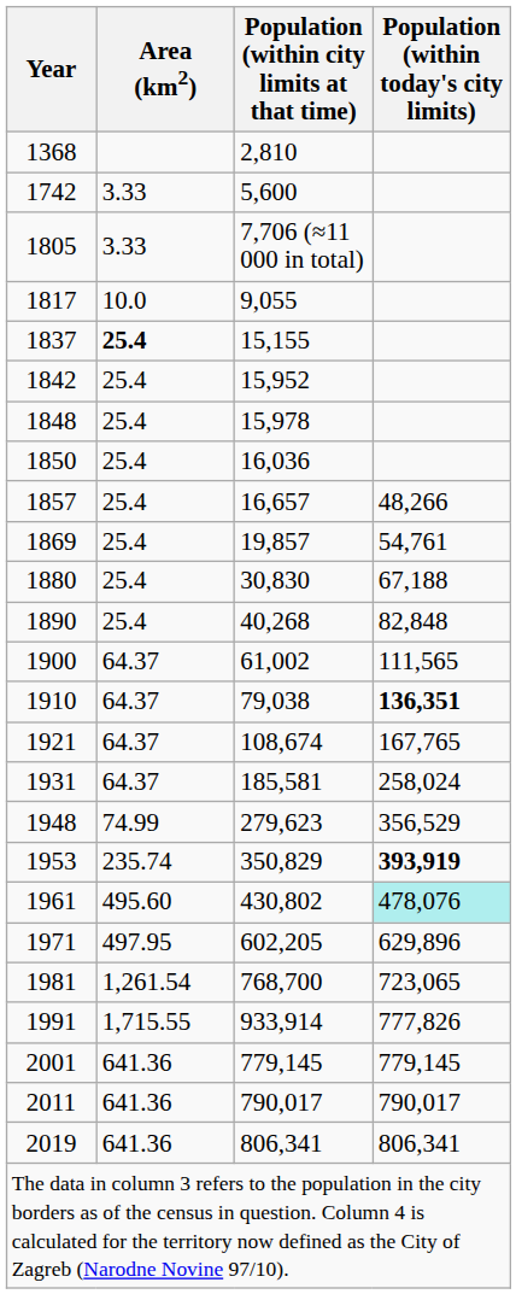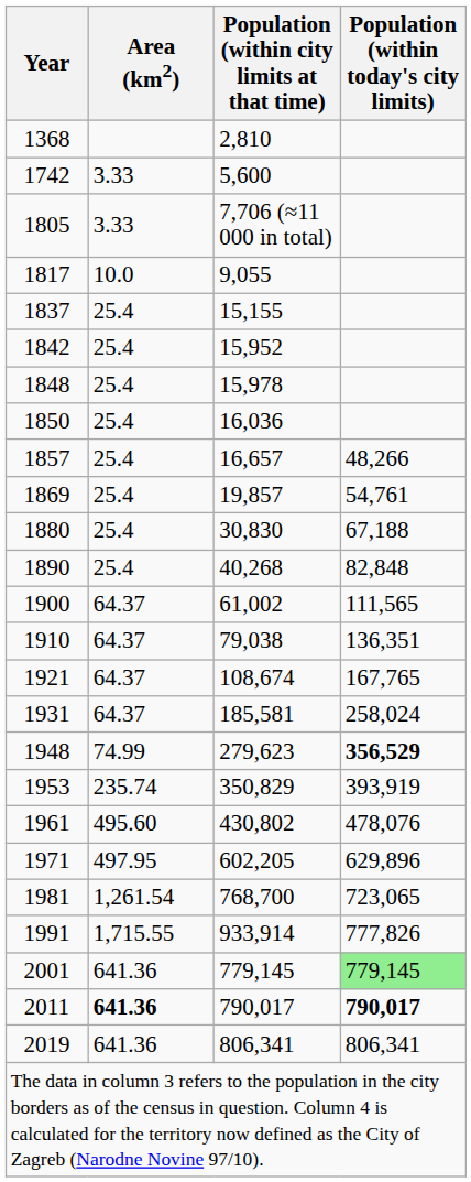 <table class="wikitable" style="float:right; margin:3px 0 3px 5px">
 <tr>
 <th style="width:50px;">Year</th>
 <th style="width:80px;">Area <br>(km<sup>2</sup>)</th>
 <th style="width:80px;">Population <br>(within city limits at that time)</th>
 <th style="width:80px;">Population <br>(within today's city limits)</th>
 </tr>
 <tr>
 <td style="text-align:center;">1368</td>
 <td style="text-align:left;"></td>
 <td style="text-align:left;">2,810</td>
 <td style="text-align:left;"></td>
 </tr>
 <tr>
 <td style="text-align:center;">1742</td>
 <td style="text-align:left;">3.33</td>
 <td style="text-align:left;">5,600</td>
 <td style="text-align:left;"></td>
 </tr>
 <tr>
 <td style="text-align:center;">1805</td>
 <td style="text-align:left;">3.33</td>
 <td style="text-align:left;">7,706 (≈11 000 in total)</td>
 <td style="text-align:left;"></td>
 </tr>
 <tr>
 <td style="text-align:center;">1817</td>
 <td style="text-align:left;">10.0</td>
 <td style="text-align:left;">9,055</td>
 <td style="text-align:left;"></td>
 </tr>
 <tr>
 <td style="text-align:center;">1837</td>
-<td style="text-align:left;"><strong>25.4</strong></td>
+<td style="text-align:left;">25.4</td>
 <td style="text-align:left;">15,155</td>
 <td style="text-align:left;"></td>
 </tr>
 <tr>
 <td style="text-align:center;">1842</td>
 <td style="text-align:left;">25.4</td>
 <td style="text-align:left;">15,952</td>
 <td style="text-align:left;"></td>
 </tr>
 <tr>
 <td style="text-align:center;">1848</td>
 <td style="text-align:left;">25.4</td>
 <td style="text-align:left;">15,978</td>
 <td style="text-align:left;"></td>
 </tr>
 <tr>
 <td style="text-align:center;">1850</td>
 <td style="text-align:left;">25.4</td>
 <td style="text-align:left;">16,036</td>
 <td style="text-align:left;"></td>
 </tr>
 <tr>
 <td style="text-align:center;">1857</td>
 <td style="text-align:left;">25.4</td>
 <td style="text-align:left;">16,657</td>
 <td style="text-align:left;">48,266</td>
 </tr>
 <tr>
 <td style="text-align:center;">1869</td>
 <td style="text-align:left;">25.4</td>
 <td style="text-align:left;">19,857</td>
 <td style="text-align:left;">54,761</td>
 </tr>
 <tr>
 <td style="text-align:center;">1880</td>
 <td style="text-align:left;">25.4</td>
 <td style="text-align:left;">30,830</td>
 <td style="text-align:left;">67,188</td>
 </tr>
 <tr>
 <td style="text-align:center;">1890</td>
 <td style="text-align:left;">25.4</td>
 <td style="text-align:left;">40,268</td>
 <td style="text-align:left;">82,848</td>
 </tr>
 <tr>
 <td style="text-align:center;">1900</td>
 <td style="text-align:left;">64.37</td>
 <td style="text-align:left;">61,002</td>
 <td style="text-align:left;">111,565</td>
 </tr>
 <tr>
 <td style="text-align:center;">1910</td>
 <td style="text-align:left;">64.37</td>
 <td style="text-align:left;">79,038</td>
-<td style="text-align:left;"><strong>136,351</strong></td>
+<td style="text-align:left;">136,351</td>
 </tr>
 <tr>
 <td style="text-align:center;">1921</td>
 <td style="text-align:left;">64.37</td>
 <td style="text-align:left;">108,674</td>
 <td style="text-align:left;">167,765</td>
 </tr>
 <tr>
 <td style="text-align:center;">1931</td>
 <td style="text-align:left;">64.37</td>
 <td style="text-align:left;">185,581</td>
 <td style="text-align:left;">258,024</td>
 </tr>
 <tr>
 <td style="text-align:center;">1948</td>
 <td style="text-align:left;">74.99</td>
 <td style="text-align:left;">279,623</td>
-<td style="text-align:left;">356,529</td>
+<td style="text-align:left;"><strong>356,529</strong></td>
 </tr>
 <tr>
 <td style="text-align:center;">1953</td>
 <td style="text-align:left;">235.74</td>
 <td style="text-align:left;">350,829</td>
-<td style="text-align:left;"><strong>393,919</strong></td>
+<td style="text-align:left;">393,919</td>
 </tr>
 <tr>
 <td style="text-align:center;">1961</td>
 <td style="text-align:left;">495.60</td>
 <td style="text-align:left;">430,802</td>
-<td style="background: paleturquoise; text-align:left;">478,076</td>
+<td style="text-align:left;">478,076</td>
 </tr>
 <tr>
 <td style="text-align:center;">1971</td>
 <td style="text-align:left;">497.95</td>
 <td style="text-align:left;">602,205</td>
 <td style="text-align:left;">629,896</td>
 </tr>
 <tr>
 <td style="text-align:center;">1981</td>
 <td style="text-align:left;">1,261.54</td>
 <td style="text-align:left;">768,700</td>
 <td style="text-align:left;">723,065</td>
 </tr>
 <tr>
 <td style="text-align:center;">1991</td>
 <td style="text-align:left;">1,715.55</td>
 <td style="text-align:left;">933,914</td>
 <td style="text-align:left;">777,826</td>
 </tr>
 <tr>
 <td style="text-align:center;">2001</td>
 <td style="text-align:left;">641.36</td>
 <td style="text-align:left;">779,145</td>
-<td style="text-align:left;">779,145</td>
+<td style="background: lightgreen; text-align:left;">779,145</td>
 </tr>
 <tr>
 <td style="text-align:center;">2011</td>
-<td style="text-align:left;">641.36</td>
+<td style="text-align:left;"><strong>641.36</strong></td>
 <td style="text-align:left;">790,017</td>
-<td style="text-align:left;">790,017</td>
+<td style="text-align:left;"><strong>790,017</strong></td>
 </tr>
 <tr>
 <td style="text-align:center;">2019</td>
 <td style="text-align:left;">641.36</td>
 <td style="text-align:left;">806,341</td>
 <td style="text-align:left;">806,341</td>
 </tr>
 <tr>
 <td colspan="5"><small>The data in column 3 refers to the population in the city borders as of the census in question. Column 4 is calculated for the territory now defined as the City of Zagreb (<a href='#'>Narodne Novine</a> 97/10).</small></td>
 </tr>
 </table>
